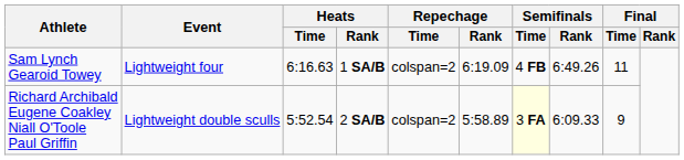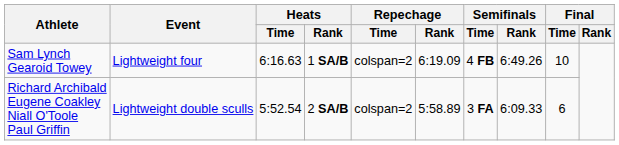 <table class="wikitable" style="font-size:90%;">
 <tr>
 <th rowspan="2">Athlete</th>
 <th rowspan="2">Event</th>
 <th colspan="2">Heats</th>
 <th colspan="2">Repechage</th>
 <th colspan="2">Semifinals</th>
 <th colspan="2">Final</th>
 </tr>
 <tr style="font-size:95%">
 <th>Time</th>
 <th>Rank</th>
 <th>Time</th>
 <th>Rank</th>
 <th>Time</th>
 <th>Rank</th>
 <th>Time</th>
 <th>Rank</th>
 </tr>
 <tr align=center>
 <td align=left><a href='#'>Sam Lynch</a><br><a href='#'>Gearoid Towey</a></td>
 <td align=left><a href='#'>Lightweight four</a></td>
 <td>6:16.63</td>
 <td>1 <strong>SA/B</strong></td>
 <td>colspan=2 </td>
 <td>6:19.09</td>
 <td>4 <strong>FB</strong></td>
 <td>6:49.26</td>
-<td>11</td>
+<td>10</td>
 </tr>
 <tr align=center>
 <td align=left><a href='#'>Richard Archibald</a><br><a href='#'>Eugene Coakley</a><br><a href='#'>Niall O'Toole</a><br><a href='#'>Paul Griffin</a></td>
 <td align=left><a href='#'>Lightweight double sculls</a></td>
 <td>5:52.54</td>
 <td>2 <strong>SA/B</strong></td>
 <td>colspan=2 </td>
 <td>5:58.89</td>
-<td style="background: lightyellow;">3 <strong>FA</strong></td>
+<td>3 <strong>FA</strong></td>
 <td>6:09.33</td>
-<td>9</td>
+<td>6</td>
 </tr>
 </table>
